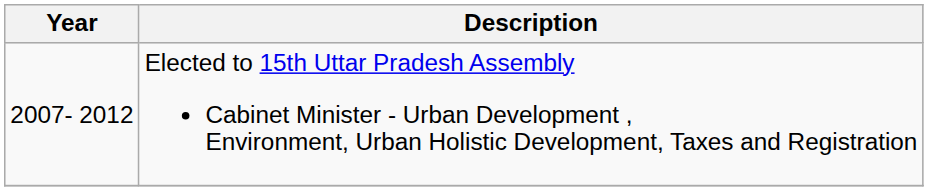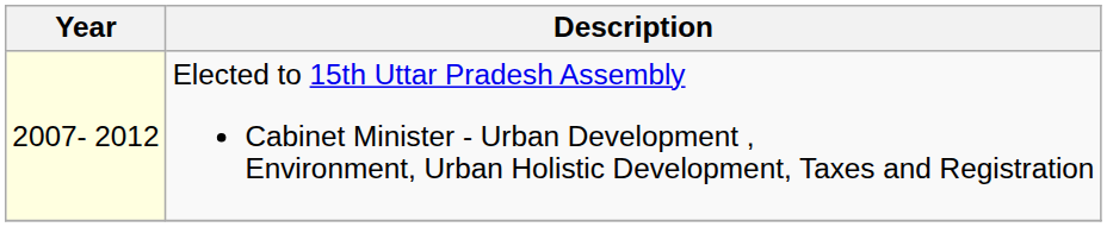 <table class="wikitable">
 <tr>
 <th>Year</th>
 <th>Description</th>
 </tr>
 <tr>
-<td>2007- 2012</td>
+<td style="background: lightyellow;">2007- 2012</td>
 <td>Elected to <a href='#'>15th Uttar Pradesh Assembly</a><br><ul><li>Cabinet Minister - Urban Development , <br> Environment, Urban Holistic Development, Taxes and Registration<br> </li></ul></td>
 </tr>
 <tr>
 </tr>
 </table>
